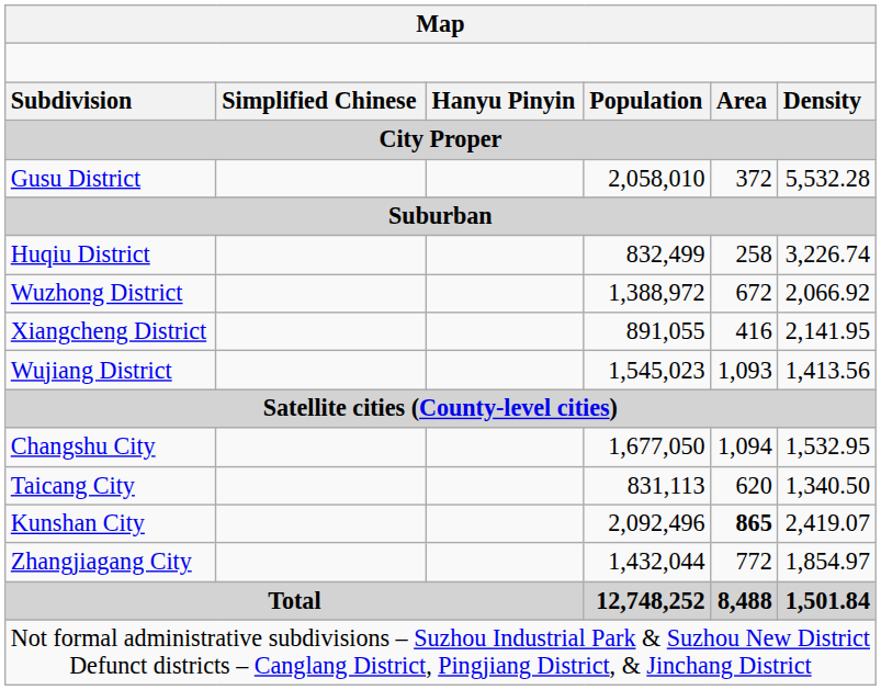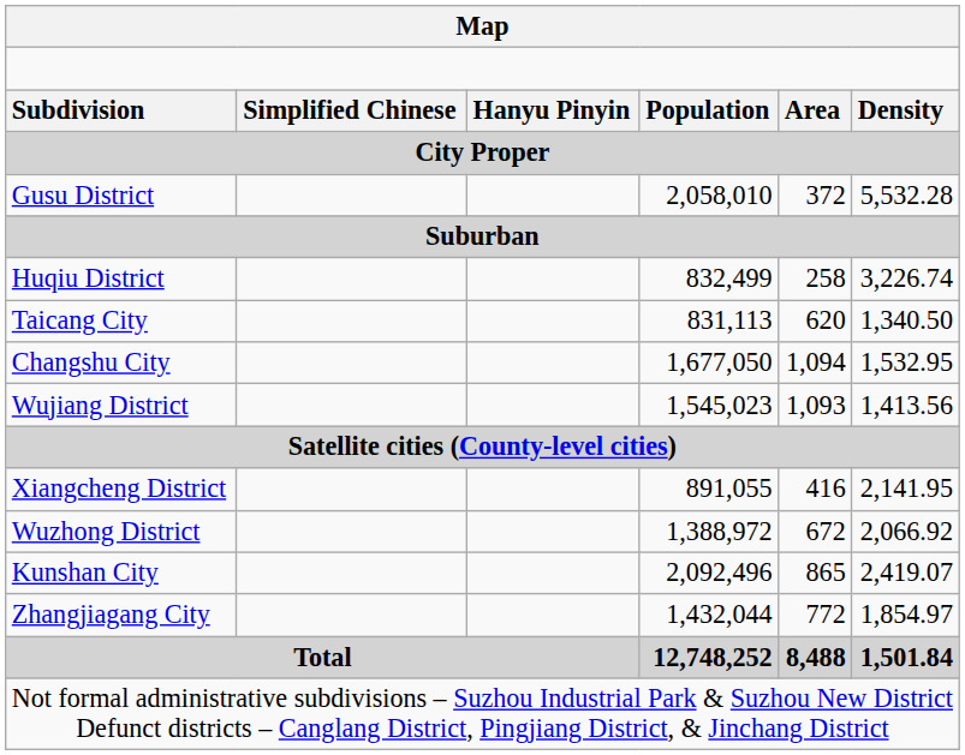 <table class="wikitable">
 <tr>
 <th colspan="6">Map</th>
 </tr>
 <tr>
 <td colspan="6"><div><br>              </div></td>
 </tr>
 <tr>
 <th style="text-align:left;">Subdivision</th>
 <th style="text-align:left;">Simplified Chinese</th>
 <th style="text-align:left;">Hanyu Pinyin</th>
 <th style="text-align:left;">Population </th>
 <th style="text-align:left;">Area </th>
 <th style="text-align:left;">Density </th>
 </tr>
 <tr style="background:#d3d3d3;">
 <td colspan="6" style="text-align:center; "><strong>City Proper</strong></td>
 </tr>
 <tr>
 <td align=left><a href='#'>Gusu District</a></td>
 <td align=left></td>
 <td align=left></td>
 <td align=right>2,058,010</td>
 <td align=right>372</td>
 <td align=right>5,532.28</td>
 </tr>
 <tr style="background:#d3d3d3;">
 <td colspan="6" style="text-align:center; "><strong>Suburban</strong></td>
 </tr>
 <tr>
 <td align=left><a href='#'>Huqiu District</a></td>
 <td align=left></td>
 <td align=left></td>
 <td align=right>832,499</td>
 <td align=right>258</td>
 <td align=right>3,226.74</td>
 </tr>
 <tr>
-<td align=left><a href='#'>Wuzhong District</a></td>
+<td align=left><a href='#'>Taicang City</a></td>
 <td align=left></td>
 <td align=left></td>
-<td align=right>1,388,972</td>
-<td align=right>672</td>
-<td align=right>2,066.92</td>
+<td align=right>831,113</td>
+<td align=right>620</td>
+<td align=right>1,340.50</td>
 </tr>
 <tr>
-<td align=left><a href='#'>Xiangcheng District</a></td>
+<td align=left><a href='#'>Changshu City</a></td>
 <td align=left></td>
 <td align=left></td>
-<td align=right>891,055</td>
-<td align=right>416</td>
-<td align=right>2,141.95</td>
+<td align=right>1,677,050</td>
+<td align=right>1,094</td>
+<td align=right>1,532.95</td>
 </tr>
 <tr>
 <td align=left><a href='#'>Wujiang District</a></td>
 <td align=left></td>
 <td align=left></td>
 <td align=right>1,545,023</td>
 <td align=right>1,093</td>
 <td align=right>1,413.56</td>
 </tr>
 <tr style="background:#d3d3d3;">
 <td colspan=6 style="text-align:center; "><strong>Satellite cities (<a href='#'>County-level cities</a>)</strong></td>
 </tr>
 <tr>
-<td align=left><a href='#'>Changshu City</a></td>
+<td align=left><a href='#'>Xiangcheng District</a></td>
 <td align=left></td>
 <td align=left></td>
-<td align=right>1,677,050</td>
-<td align=right>1,094</td>
-<td align=right>1,532.95</td>
+<td align=right>891,055</td>
+<td align=right>416</td>
+<td align=right>2,141.95</td>
 </tr>
 <tr>
-<td align=left><a href='#'>Taicang City</a></td>
+<td align=left><a href='#'>Wuzhong District</a></td>
 <td align=left></td>
 <td align=left></td>
-<td align=right>831,113</td>
-<td align=right>620</td>
-<td align=right>1,340.50</td>
+<td align=right>1,388,972</td>
+<td align=right>672</td>
+<td align=right>2,066.92</td>
 </tr>
 <tr>
 <td align=left><a href='#'>Kunshan City</a></td>
 <td align=left></td>
 <td align=left></td>
 <td align=right>2,092,496</td>
-<td align=right><strong>865</strong></td>
+<td align=right>865</td>
 <td align=right>2,419.07</td>
 </tr>
 <tr>
 <td align=left><a href='#'>Zhangjiagang City</a></td>
 <td align=left></td>
 <td align=left></td>
 <td align=right>1,432,044</td>
 <td align=right>772</td>
 <td align=right>1,854.97</td>
 </tr>
 <tr style="background:#d3d3d3;">
 <td colspan=3 style="text-align:center; "><strong>Total</strong></td>
 <td align=right><strong>12,748,252</strong></td>
 <td align=right><strong>8,488</strong></td>
 <td align=right><strong>1,501.84</strong></td>
 </tr>
 <tr>
 <td colspan=6 style="text-align:center; ">Not formal administrative subdivisions – <a href='#'>Suzhou Industrial Park</a> & <a href='#'>Suzhou New District</a><br>Defunct districts – <a href='#'>Canglang District</a>, <a href='#'>Pingjiang District</a>, & <a href='#'>Jinchang District</a></td>
 </tr>
 </table>
